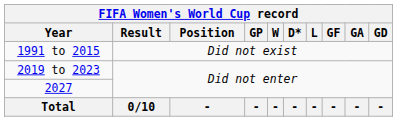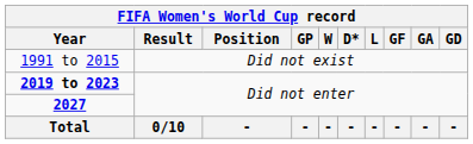 <table class="wikitable" style="text-align: center; width:50%;">
 <tr>
 <th colspan=10><a href='#'>FIFA Women's World Cup</a> record</th>
 </tr>
 <tr>
 <th>Year</th>
 <th>Result</th>
 <th>Position</th>
 <th>GP</th>
 <th>W</th>
 <th>D*</th>
 <th>L</th>
 <th>GF</th>
 <th>GA</th>
 <th>GD</th>
 </tr>
 <tr>
 <td> <a href='#'>1991</a> to  <a href='#'>2015</a></td>
 <td colspan=9><em>Did not exist</em></td>
 </tr>
 <tr>
-<td> <a href='#'>2019</a> to  <a href='#'>2023</a></td>
+<td><strong> <a href='#'>2019</a> to  <a href='#'>2023</a></strong></td>
 <td rowspan=2 colspan=9><em>Did not enter</em></td>
 </tr>
 <tr>
-<td> <a href='#'>2027</a></td>
+<td><strong> <a href='#'>2027</a></strong></td>
 </tr>
 <tr>
 <th><strong>Total</strong></th>
 <th>0/10</th>
 <th>-</th>
 <th>-</th>
 <th>-</th>
 <th>-</th>
 <th>-</th>
 <th>-</th>
 <th>-</th>
 <th>-</th>
 </tr>
 </table>
